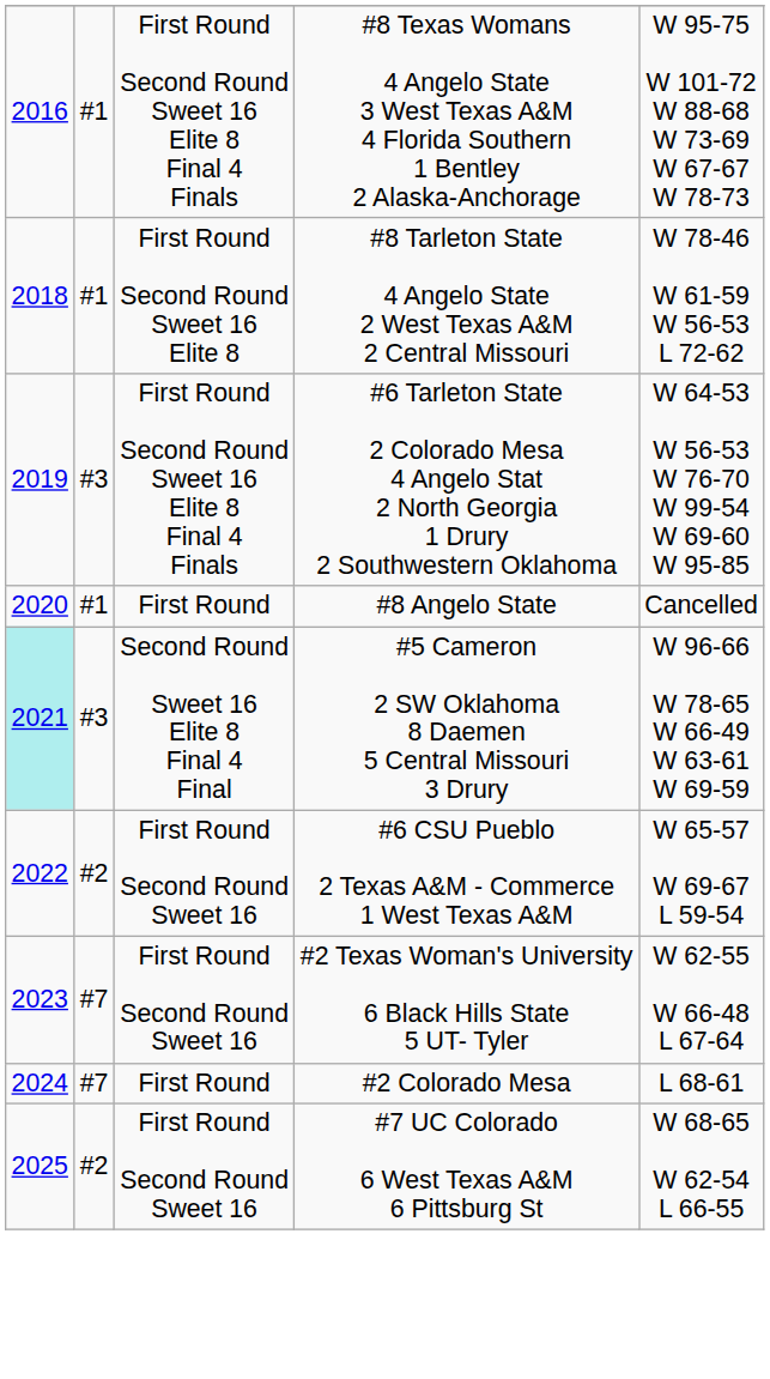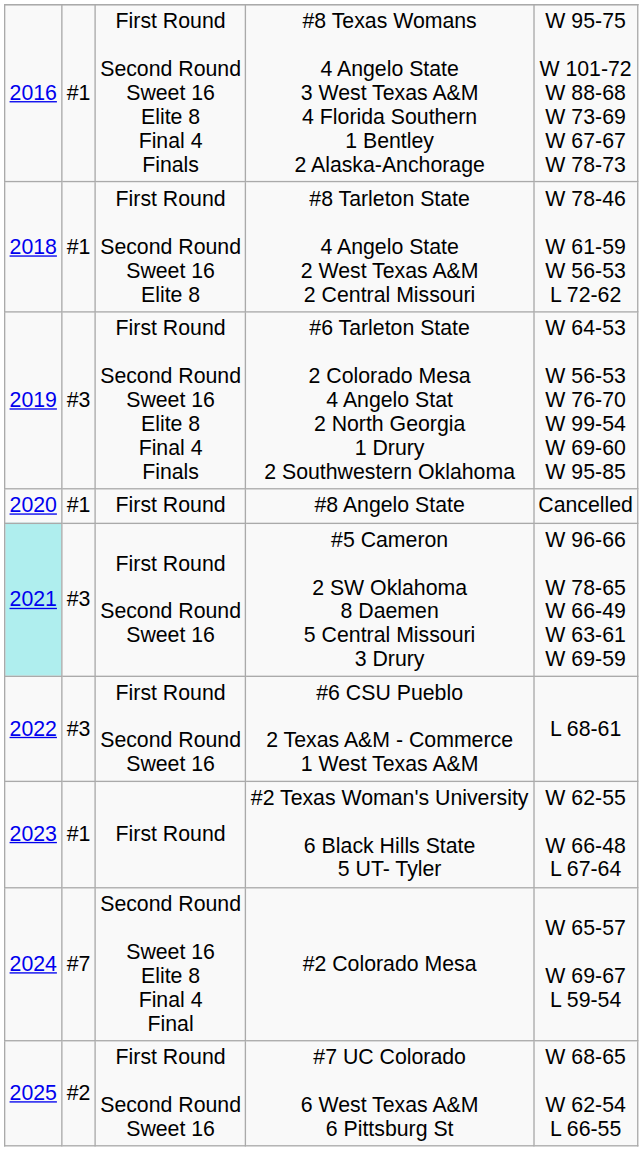 <table class="wikitable" style="text-align:center">
 <tr>
 </tr>
 <tr>
 <td rowspan=1><a href='#'>2016</a></td>
 <td>#1</td>
 <td>First Round <br><br>Second Round <br> Sweet 16 <br> Elite 8 <br> Final 4 <br> Finals</td>
 <td>#8 Texas Womans <br><br>4 Angelo State <br>3 West Texas A&M <br>4 Florida Southern <br>1 Bentley <br>2 Alaska-Anchorage</td>
 <td>W 95-75 <br><br>W 101-72 <br> W 88-68 <br>  W 73-69 <br> W 67-67 <br> W 78-73 <br></td>
 </tr>
 <tr>
 <td><a href='#'>2018</a></td>
 <td>#1</td>
 <td>First Round <br><br>Second Round <br> Sweet 16 <br> Elite 8 <br></td>
 <td>#8 Tarleton State  <br><br>4 Angelo State <br>2 West Texas A&M <br>2 Central Missouri <br></td>
 <td>W 78-46 <br><br>W 61-59 <br> W 56-53 <br> L 72-62</td>
 </tr>
 <tr>
 <td><a href='#'>2019</a></td>
 <td>#3</td>
 <td>First Round <br><br>Second Round <br> Sweet 16 <br> Elite 8 <br> Final 4 <br> Finals <br></td>
 <td>#6 Tarleton State <br><br>2 Colorado Mesa <br>4 Angelo Stat <br>2 North Georgia <br>1 Drury <br>2 Southwestern Oklahoma <br></td>
 <td>W 64-53 <br><br>W 56-53 <br> W 76-70 <br> W 99-54 <br> W 69-60 <br> W 95-85 <br></td>
 </tr>
 <tr>
 <td><a href='#'>2020</a></td>
 <td>#1</td>
 <td>First Round <br></td>
 <td>#8 Angelo State <br></td>
 <td>Cancelled</td>
 </tr>
 <tr>
 <td style="background: paleturquoise;"><a href='#'>2021</a></td>
 <td>#3</td>
-<td>Second Round  <br><br>Sweet 16 <br> Elite 8 <br> Final 4 <br> Final</td>
+<td>First Round <br><br>Second Round <br> Sweet 16 <br></td>
 <td>#5 Cameron <br><br>2 SW Oklahoma <br>8 Daemen <br>5 Central Missouri <br>3 Drury <br></td>
 <td>W 96-66 <br><br>W 78-65 <br> W 66-49 <br> W 63-61 <br> W 69-59 <br></td>
 </tr>
 <tr>
 <td><a href='#'>2022</a></td>
-<td>#2</td>
+<td>#3</td>
 <td>First Round <br><br>Second Round <br> Sweet 16 <br></td>
 <td>#6 CSU Pueblo  <br><br>2 Texas A&M - Commerce <br>1 West Texas A&M <br></td>
-<td>W 65-57 <br><br>W 69-67 <br> L 59-54</td>
+<td>L 68-61 <br></td>
 </tr>
 <tr>
 <td><a href='#'>2023</a></td>
-<td>#7</td>
-<td>First Round <br><br>Second Round <br> Sweet 16 <br></td>
+<td>#1</td>
+<td>First Round <br></td>
 <td>#2 Texas Woman's University <br><br>6 Black Hills State <br>5 UT- Tyler <br></td>
 <td>W 62-55 <br><br>W 66-48 <br> L 67-64 <br></td>
 </tr>
 <tr>
 <td><a href='#'>2024</a></td>
 <td>#7</td>
-<td>First Round <br></td>
+<td>Second Round  <br><br>Sweet 16 <br> Elite 8 <br> Final 4 <br> Final</td>
 <td>#2 Colorado Mesa <br></td>
-<td>L 68-61 <br></td>
+<td>W 65-57 <br><br>W 69-67 <br> L 59-54</td>
 </tr>
 <tr>
 <td><a href='#'>2025</a></td>
 <td>#2</td>
 <td>First Round <br><br>Second Round <br> Sweet 16 <br></td>
 <td>#7 UC Colorado <br><br> 6 West Texas A&M <br> 6 Pittsburg St</td>
 <td>W 68-65 <br><br>W 62-54 <br> L 66-55</td>
 </tr>
 </table>
